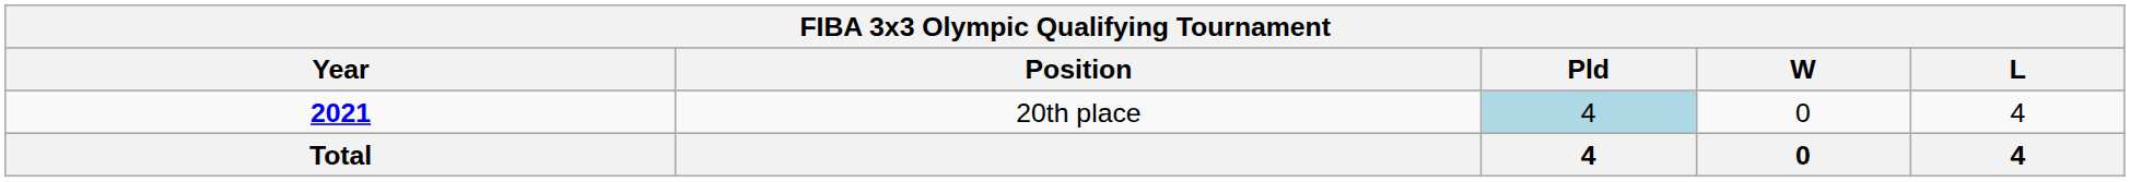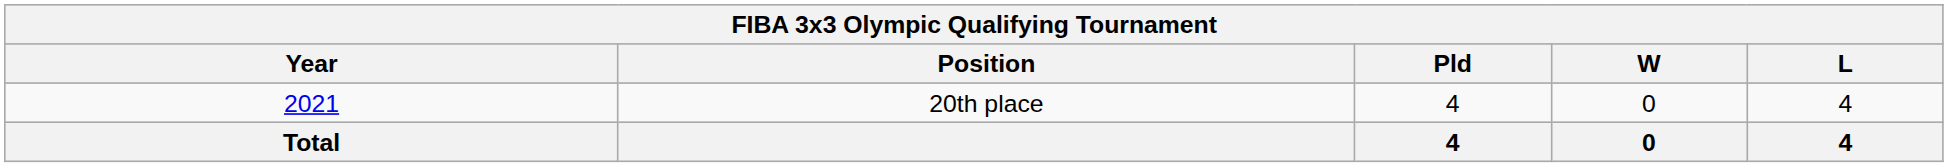 <table class="wikitable collapsible autocollapse" style="text-align: center; font-size:95%;" width=60%>
 <tr>
 <th colspan=9>FIBA 3x3 Olympic Qualifying Tournament</th>
 </tr>
 <tr>
 <th width=25%>Year</th>
 <th width=30%>Position</th>
 <th width=8%>Pld</th>
 <th width=8%>W</th>
 <th width=8%>L</th>
 </tr>
 <tr>
-<td><strong> <a href='#'>2021</a></strong></td>
+<td> <a href='#'>2021</a></td>
 <td>20th place</td>
-<td style="background: lightblue;">4</td>
+<td>4</td>
 <td>0</td>
 <td>4</td>
 </tr>
 <tr>
 <th><strong>Total</strong></th>
 <th></th>
 <th>4</th>
 <th>0</th>
 <th>4</th>
 </tr>
 </table>
